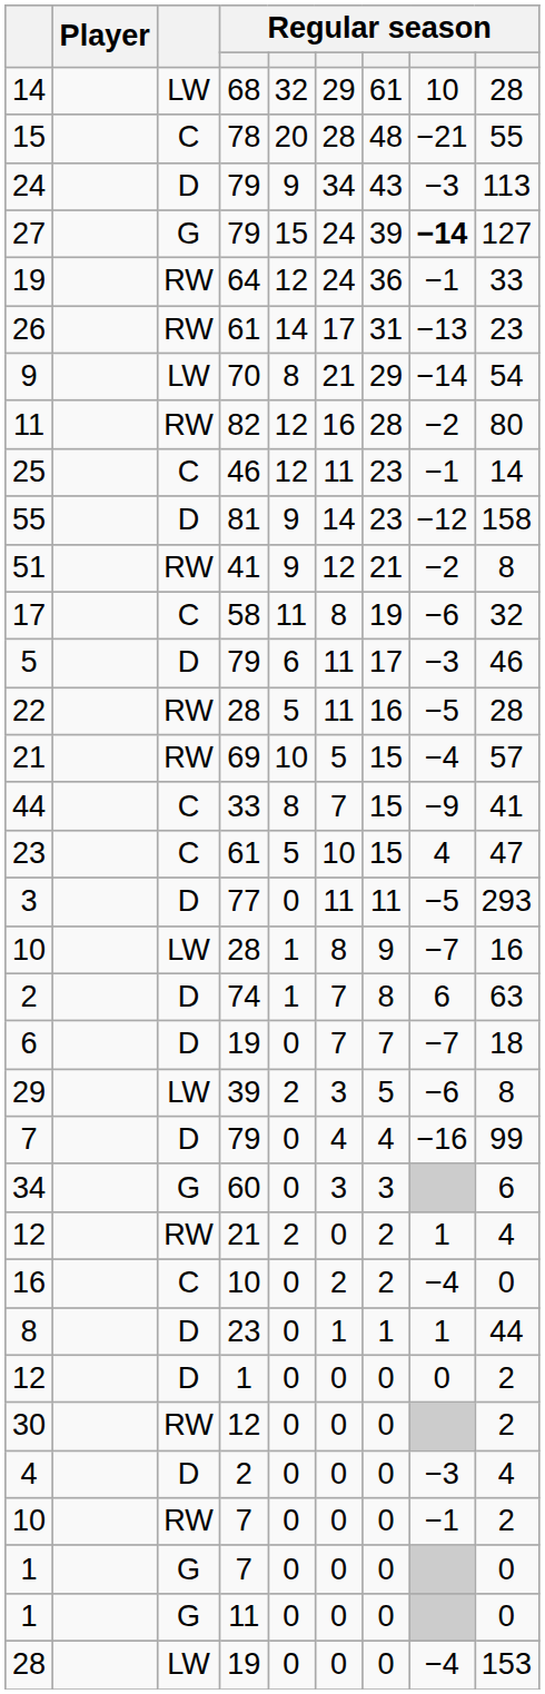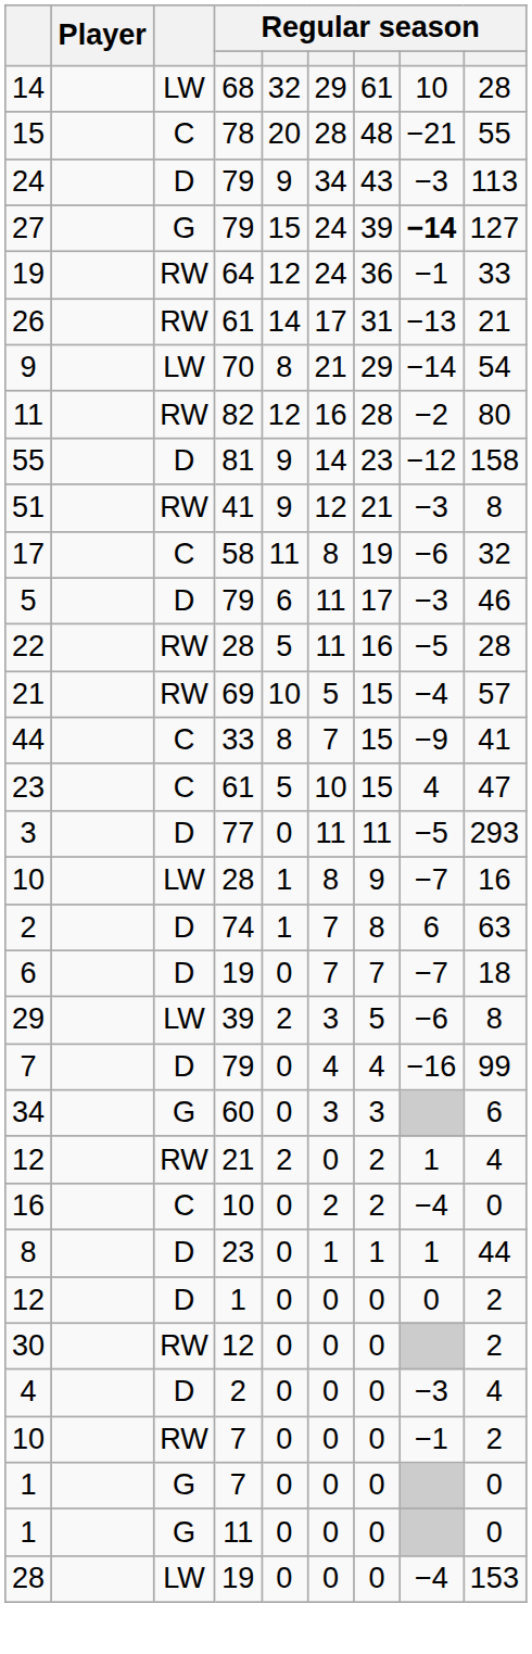 <table class="wikitable sortable plainrowheaders" style="text-align:center;">
 <tr>
 <th scope="col" data-sort-type="number" rowspan="2"></th>
 <th scope="col" rowspan="2">Player</th>
 <th scope="col" rowspan="2"></th>
 <th scope=colgroup colspan=6>Regular season</th>
 </tr>
 <tr>
 <th scope="col" data-sort-type="number"></th>
 <th scope="col" data-sort-type="number"></th>
 <th scope="col" data-sort-type="number"></th>
 <th scope="col" data-sort-type="number"></th>
 <th scope="col" data-sort-type="number"></th>
 <th scope="col" data-sort-type="number"></th>
 </tr>
 <tr>
 <td scope="row">14</td>
 <td align="left"></td>
 <td>LW</td>
 <td>68</td>
 <td>32</td>
 <td>29</td>
 <td>61</td>
 <td>10</td>
 <td>28</td>
 </tr>
 <tr>
 <td scope="row">15</td>
 <td align="left"></td>
 <td>C</td>
 <td>78</td>
 <td>20</td>
 <td>28</td>
 <td>48</td>
 <td>−21</td>
 <td>55</td>
 </tr>
 <tr>
 <td scope="row">24</td>
 <td align="left"></td>
 <td>D</td>
 <td>79</td>
 <td>9</td>
 <td>34</td>
 <td>43</td>
 <td>−3</td>
 <td>113</td>
 </tr>
 <tr>
 <td scope="row">27</td>
 <td align="left"></td>
 <td>G</td>
 <td>79</td>
 <td>15</td>
 <td>24</td>
 <td>39</td>
 <td><strong>−14</strong></td>
 <td>127</td>
 </tr>
 <tr>
 <td scope="row">19</td>
 <td align="left"></td>
 <td>RW</td>
 <td>64</td>
 <td>12</td>
 <td>24</td>
 <td>36</td>
 <td>−1</td>
 <td>33</td>
 </tr>
 <tr>
 <td scope="row">26</td>
 <td align="left"></td>
 <td>RW</td>
 <td>61</td>
 <td>14</td>
 <td>17</td>
 <td>31</td>
 <td>−13</td>
-<td>23</td>
+<td>21</td>
 </tr>
 <tr>
 <td scope="row">9</td>
 <td align="left"></td>
 <td>LW</td>
 <td>70</td>
 <td>8</td>
 <td>21</td>
 <td>29</td>
 <td>−14</td>
 <td>54</td>
 </tr>
 <tr>
 <td scope="row">11</td>
 <td align="left"></td>
 <td>RW</td>
 <td>82</td>
 <td>12</td>
 <td>16</td>
 <td>28</td>
 <td>−2</td>
 <td>80</td>
 </tr>
 <tr>
-<td scope="row">25</td>
-<td align="left"></td>
-<td>C</td>
-<td>46</td>
-<td>12</td>
-<td>11</td>
-<td>23</td>
-<td>−1</td>
-<td>14</td>
-</tr>
-<tr>
 <td scope="row">55</td>
 <td align="left"></td>
 <td>D</td>
 <td>81</td>
 <td>9</td>
 <td>14</td>
 <td>23</td>
 <td>−12</td>
 <td>158</td>
 </tr>
 <tr>
 <td scope="row">51</td>
 <td align="left"></td>
 <td>RW</td>
 <td>41</td>
 <td>9</td>
 <td>12</td>
 <td>21</td>
-<td>−2</td>
+<td>−3</td>
 <td>8</td>
 </tr>
 <tr>
 <td scope="row">17</td>
 <td align="left"></td>
 <td>C</td>
 <td>58</td>
 <td>11</td>
 <td>8</td>
 <td>19</td>
 <td>−6</td>
 <td>32</td>
 </tr>
 <tr>
 <td scope="row">5</td>
 <td align="left"></td>
 <td>D</td>
 <td>79</td>
 <td>6</td>
 <td>11</td>
 <td>17</td>
 <td>−3</td>
 <td>46</td>
 </tr>
 <tr>
 <td scope="row">22</td>
 <td align="left"></td>
 <td>RW</td>
 <td>28</td>
 <td>5</td>
 <td>11</td>
 <td>16</td>
 <td>−5</td>
 <td>28</td>
 </tr>
 <tr>
 <td scope="row">21</td>
 <td align="left"></td>
 <td>RW</td>
 <td>69</td>
 <td>10</td>
 <td>5</td>
 <td>15</td>
 <td>−4</td>
 <td>57</td>
 </tr>
 <tr>
 <td scope="row">44</td>
 <td align="left"></td>
 <td>C</td>
 <td>33</td>
 <td>8</td>
 <td>7</td>
 <td>15</td>
 <td>−9</td>
 <td>41</td>
 </tr>
 <tr>
 <td scope="row">23</td>
 <td align="left"></td>
 <td>C</td>
 <td>61</td>
 <td>5</td>
 <td>10</td>
 <td>15</td>
 <td>4</td>
 <td>47</td>
 </tr>
 <tr>
 <td scope="row">3</td>
 <td align="left"></td>
 <td>D</td>
 <td>77</td>
 <td>0</td>
 <td>11</td>
 <td>11</td>
 <td>−5</td>
 <td>293</td>
 </tr>
 <tr>
 <td scope="row">10</td>
 <td align="left"></td>
 <td>LW</td>
 <td>28</td>
 <td>1</td>
 <td>8</td>
 <td>9</td>
 <td>−7</td>
 <td>16</td>
 </tr>
 <tr>
 <td scope="row">2</td>
 <td align="left"></td>
 <td>D</td>
 <td>74</td>
 <td>1</td>
 <td>7</td>
 <td>8</td>
 <td>6</td>
 <td>63</td>
 </tr>
 <tr>
 <td scope="row">6</td>
 <td align="left"></td>
 <td>D</td>
 <td>19</td>
 <td>0</td>
 <td>7</td>
 <td>7</td>
 <td>−7</td>
 <td>18</td>
 </tr>
 <tr>
 <td scope="row">29</td>
 <td align="left"></td>
 <td>LW</td>
 <td>39</td>
 <td>2</td>
 <td>3</td>
 <td>5</td>
 <td>−6</td>
 <td>8</td>
 </tr>
 <tr>
 <td scope="row">7</td>
 <td align="left"></td>
 <td>D</td>
 <td>79</td>
 <td>0</td>
 <td>4</td>
 <td>4</td>
 <td>−16</td>
 <td>99</td>
 </tr>
 <tr>
 <td scope="row">34</td>
 <td align="left"></td>
 <td>G</td>
 <td>60</td>
 <td>0</td>
 <td>3</td>
 <td>3</td>
 <td style="background:#ccc"></td>
 <td>6</td>
 </tr>
 <tr>
 <td scope="row">12</td>
 <td align="left"></td>
 <td>RW</td>
 <td>21</td>
 <td>2</td>
 <td>0</td>
 <td>2</td>
 <td>1</td>
 <td>4</td>
 </tr>
 <tr>
 <td scope="row">16</td>
 <td align="left"></td>
 <td>C</td>
 <td>10</td>
 <td>0</td>
 <td>2</td>
 <td>2</td>
 <td>−4</td>
 <td>0</td>
 </tr>
 <tr>
 <td scope="row">8</td>
 <td align="left"></td>
 <td>D</td>
 <td>23</td>
 <td>0</td>
 <td>1</td>
 <td>1</td>
 <td>1</td>
 <td>44</td>
 </tr>
 <tr>
 <td scope="row">12</td>
 <td align="left"></td>
 <td>D</td>
 <td>1</td>
 <td>0</td>
 <td>0</td>
 <td>0</td>
 <td>0</td>
 <td>2</td>
 </tr>
 <tr>
 <td scope="row">30</td>
 <td align="left"></td>
 <td>RW</td>
 <td>12</td>
 <td>0</td>
 <td>0</td>
 <td>0</td>
 <td style="background:#ccc"></td>
 <td>2</td>
 </tr>
 <tr>
 <td scope="row">4</td>
 <td align="left"></td>
 <td>D</td>
 <td>2</td>
 <td>0</td>
 <td>0</td>
 <td>0</td>
 <td>−3</td>
 <td>4</td>
 </tr>
 <tr>
 <td scope="row">10</td>
 <td align="left"></td>
 <td>RW</td>
 <td>7</td>
 <td>0</td>
 <td>0</td>
 <td>0</td>
 <td>−1</td>
 <td>2</td>
 </tr>
 <tr>
 <td scope="row">1</td>
 <td align="left"></td>
 <td>G</td>
 <td>7</td>
 <td>0</td>
 <td>0</td>
 <td>0</td>
 <td style="background:#ccc"></td>
 <td>0</td>
 </tr>
 <tr>
 <td scope="row">1</td>
 <td align="left"></td>
 <td>G</td>
 <td>11</td>
 <td>0</td>
 <td>0</td>
 <td>0</td>
 <td style="background:#ccc"></td>
 <td>0</td>
 </tr>
 <tr>
 <td scope="row">28</td>
 <td align="left"></td>
 <td>LW</td>
 <td>19</td>
 <td>0</td>
 <td>0</td>
 <td>0</td>
 <td>−4</td>
 <td>153</td>
 </tr>
 </table>
